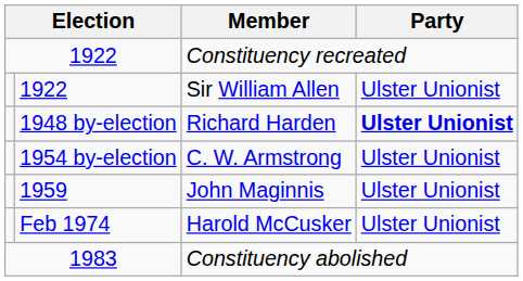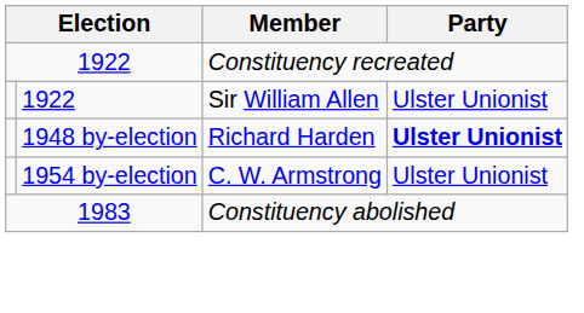 <table class="wikitable">
 <tr>
 <th colspan="2">Election</th>
 <th>Member</th>
 <th>Party</th>
 </tr>
 <tr>
 <td colspan="2" align="center"><a href='#'>1922</a></td>
 <td colspan="2"><em>Constituency recreated</em></td>
 </tr>
 <tr>
 <td style="color:inherit;background-color: "></td>
 <td><a href='#'>1922</a></td>
 <td>Sir <a href='#'>William Allen</a></td>
 <td><a href='#'>Ulster Unionist</a></td>
 </tr>
 <tr>
 <td style="color:inherit;background-color: "></td>
 <td><a href='#'>1948 by-election</a></td>
 <td><a href='#'>Richard Harden</a></td>
 <td><strong><a href='#'>Ulster Unionist</a></strong></td>
 </tr>
 <tr>
 <td style="color:inherit;background-color: "></td>
 <td><a href='#'>1954 by-election</a></td>
 <td><a href='#'>C. W. Armstrong</a></td>
 <td><a href='#'>Ulster Unionist</a></td>
 </tr>
 <tr>
-<td style="color:inherit;background-color: "></td>
-<td><a href='#'>1959</a></td>
-<td><a href='#'>John Maginnis</a></td>
-<td><a href='#'>Ulster Unionist</a></td>
-</tr>
-<tr>
-<td style="color:inherit;background-color: "></td>
-<td><a href='#'>Feb 1974</a></td>
-<td><a href='#'>Harold McCusker</a></td>
-<td><a href='#'>Ulster Unionist</a></td>
-</tr>
-<tr>
 <td colspan="2" align="center"><a href='#'>1983</a></td>
 <td colspan="2"><em>Constituency abolished</em></td>
 </tr>
 </table>
